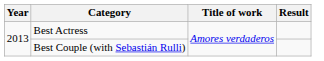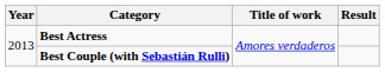 <table class="wikitable plainrowheaders sortable">
 <tr>
 <th scope="col">Year</th>
 <th scope="col">Category</th>
 <th scope="col">Title of work</th>
 <th scope="col">Result</th>
 </tr>
 <tr>
 <td rowspan=2>2013</td>
-<td>Best Actress</td>
+<td><strong>Best Actress</strong></td>
 <td rowspan=2 style="text-align:center;"><em><a href='#'>Amores verdaderos</a></em></td>
 <td></td>
 </tr>
 <tr>
-<td>Best Couple (with <a href='#'>Sebastián Rulli</a>)</td>
+<td><strong>Best Couple (with <a href='#'>Sebastián Rulli</a>)</strong></td>
 <td></td>
 </tr>
 </table>
